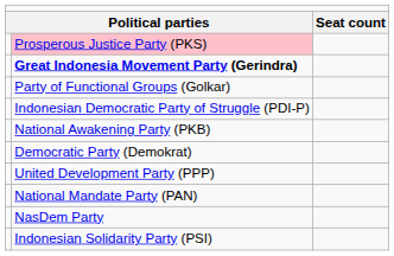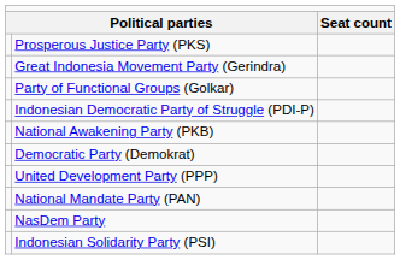 <table class="wikitable">
 <tr>
 <td colspan="4"></td>
 </tr>
 <tr>
 <th colspan="2">Political parties</th>
 <th>Seat count</th>
 </tr>
 <tr>
 <td bgcolor=></td>
-<td style="background: pink;"><a href='#'>Prosperous Justice Party</a> (PKS)</td>
+<td><a href='#'>Prosperous Justice Party</a> (PKS)</td>
 <td></td>
 </tr>
 <tr>
 <td bgcolor=></td>
-<td><strong><a href='#'>Great Indonesia Movement Party</a> (Gerindra)</strong></td>
+<td><a href='#'>Great Indonesia Movement Party</a> (Gerindra)</td>
 <td></td>
 </tr>
 <tr>
 <td bgcolor=></td>
 <td><a href='#'>Party of Functional Groups</a> (Golkar)</td>
 <td></td>
 </tr>
 <tr>
 <td bgcolor=></td>
 <td><a href='#'>Indonesian Democratic Party of Struggle</a> (PDI-P)</td>
 <td></td>
 </tr>
 <tr>
 <td bgcolor=></td>
 <td><a href='#'>National Awakening Party</a> (PKB)</td>
 <td></td>
 </tr>
 <tr>
 <td bgcolor=></td>
 <td><a href='#'>Democratic Party</a> (Demokrat)</td>
 <td></td>
 </tr>
 <tr>
 <td bgcolor=></td>
 <td><a href='#'>United Development Party</a> (PPP)</td>
 <td></td>
 </tr>
 <tr>
 <td bgcolor=></td>
 <td><a href='#'>National Mandate Party</a> (PAN)</td>
 <td></td>
 </tr>
 <tr>
 <td bgcolor=></td>
 <td><a href='#'>NasDem Party</a></td>
 <td></td>
 </tr>
 <tr>
 <td bgcolor=></td>
 <td><a href='#'>Indonesian Solidarity Party</a> (PSI)</td>
 <td></td>
 </tr>
 </table>
